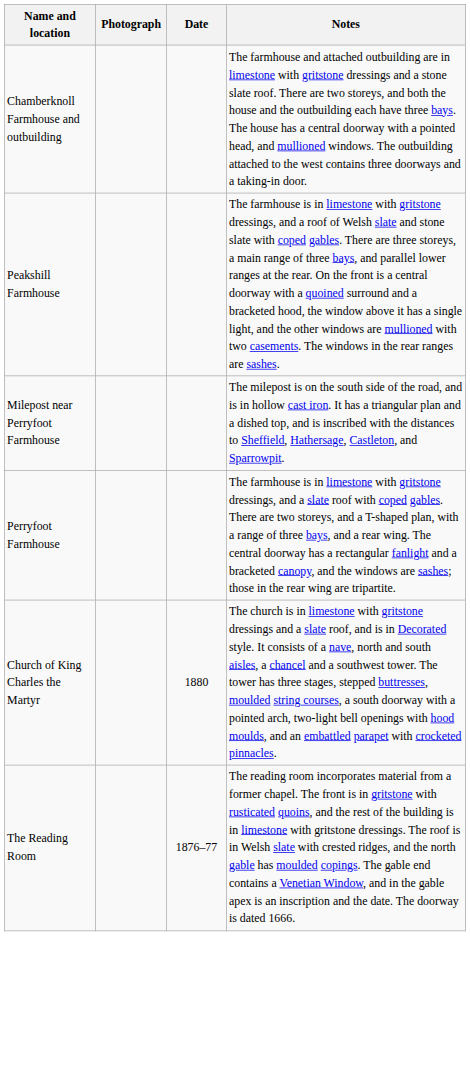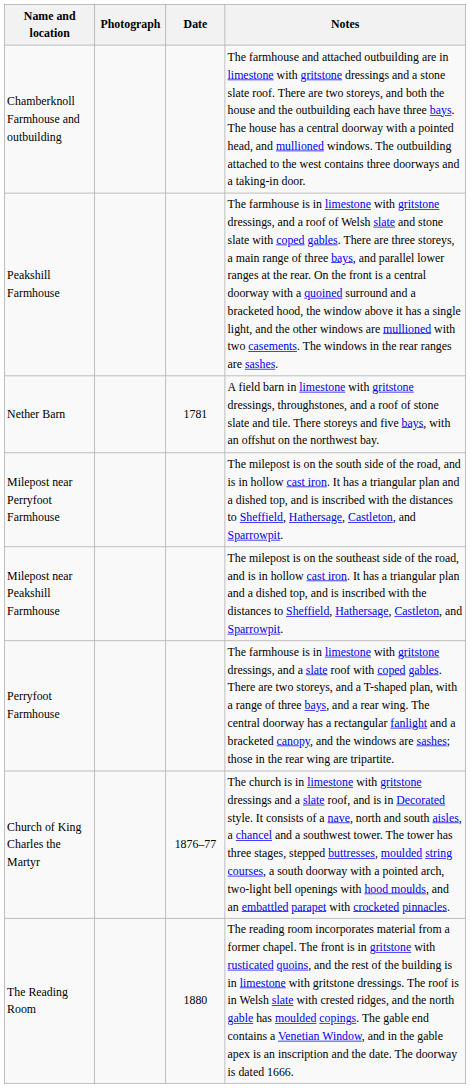 <table class="wikitable sortable plainrowheaders" style="width:100%;border:0px;text-align:left;line-height:150%;">
 <tr>
 <th scope="col"  style="width:150px">Name and location</th>
 <th scope="col"  style="width:100px" class="unsortable">Photograph</th>
 <th scope="col"  style="width:120px">Date</th>
 <th scope="col"  style="width:650px" class="unsortable">Notes</th>
 </tr>
 <tr>
 <td>Chamberknoll Farmhouse and outbuilding<br><small></small></td>
 <td></td>
 <td align="center"></td>
 <td>The farmhouse and attached outbuilding are in <a href='#'>limestone</a> with <a href='#'>gritstone</a> dressings and a stone slate roof.  There are two storeys, and both the house and the outbuilding each have three <a href='#'>bays</a>.  The house has a central doorway with a pointed head, and <a href='#'>mullioned</a> windows. The outbuilding attached to the west contains three doorways and a taking-in door.</td>
 </tr>
 <tr>
 <td>Peakshill Farmhouse<br><small></small></td>
 <td></td>
 <td align="center"></td>
 <td>The farmhouse is in <a href='#'>limestone</a> with <a href='#'>gritstone</a> dressings, and a roof of Welsh <a href='#'>slate</a> and stone slate with <a href='#'>coped</a> <a href='#'>gables</a>.  There are three storeys, a main range of three <a href='#'>bays</a>, and parallel lower ranges at the rear.  On the front is a central doorway with a <a href='#'>quoined</a> surround and a bracketed hood, the window above it has a single light, and the other windows are <a href='#'>mullioned</a> with two <a href='#'>casements</a>.  The windows in the rear ranges are <a href='#'>sashes</a>.</td>
 </tr>
 <tr>
+<td>Nether Barn<br><small></small></td>
+<td></td>
+<td align="center">1781</td>
+<td>A field barn in <a href='#'>limestone</a> with <a href='#'>gritstone</a> dressings, throughstones, and a roof of stone slate and tile.  There storeys and five <a href='#'>bays</a>, with an offshut on the northwest bay.</td>
+</tr>
+<tr>
 <td>Milepost near Perryfoot Farmhouse<br><small></small></td>
 <td></td>
 <td align="center"></td>
 <td>The milepost is on the south side of the road, and is in hollow <a href='#'>cast iron</a>.  It has a triangular plan and a dished top, and is inscribed with the distances to <a href='#'>Sheffield</a>, <a href='#'>Hathersage</a>, <a href='#'>Castleton</a>, and <a href='#'>Sparrowpit</a>.</td>
+</tr>
+<tr>
+<td>Milepost near Peakshill Farmhouse<br><small></small></td>
+<td></td>
+<td align="center"></td>
+<td>The milepost is on the southeast side of the road, and is in hollow <a href='#'>cast iron</a>.  It has a triangular plan and a dished top, and is inscribed with the distances to <a href='#'>Sheffield</a>, <a href='#'>Hathersage</a>, <a href='#'>Castleton</a>, and <a href='#'>Sparrowpit</a>.</td>
 </tr>
 <tr>
 <td>Perryfoot Farmhouse<br><small></small></td>
 <td></td>
 <td align="center"></td>
 <td>The farmhouse is in <a href='#'>limestone</a> with <a href='#'>gritstone</a> dressings, and a <a href='#'>slate</a> roof with <a href='#'>coped</a> <a href='#'>gables</a>.  There are two storeys, and a T-shaped plan, with a range of three <a href='#'>bays</a>, and a rear wing.  The central doorway has a rectangular <a href='#'>fanlight</a> and a bracketed <a href='#'>canopy</a>, and the windows are <a href='#'>sashes</a>; those in the rear wing are tripartite.</td>
 </tr>
 <tr>
 <td>Church of King Charles the Martyr<br><small></small></td>
 <td></td>
-<td align="center">1880</td>
+<td align="center">1876–77</td>
 <td>The church is in <a href='#'>limestone</a> with <a href='#'>gritstone</a> dressings and a <a href='#'>slate</a> roof, and is in <a href='#'>Decorated</a> style.  It consists of a <a href='#'>nave</a>, north and south <a href='#'>aisles</a>, a <a href='#'>chancel</a> and a southwest tower.  The tower has three stages, stepped <a href='#'>buttresses</a>, <a href='#'>moulded</a> <a href='#'>string courses</a>, a south doorway with a pointed arch, two-light bell openings with <a href='#'>hood moulds</a>, and an <a href='#'>embattled</a> <a href='#'>parapet</a> with <a href='#'>crocketed</a> <a href='#'>pinnacles</a>.</td>
 </tr>
 <tr>
 <td>The Reading Room<br><small></small></td>
 <td></td>
-<td align="center">1876–77</td>
+<td align="center">1880</td>
 <td>The reading room incorporates material from a former chapel.  The front is in <a href='#'>gritstone</a> with <a href='#'>rusticated</a> <a href='#'>quoins</a>, and the rest of the building is in <a href='#'>limestone</a> with gritstone dressings.  The roof is in Welsh <a href='#'>slate</a> with crested ridges, and the north <a href='#'>gable</a> has <a href='#'>moulded</a> <a href='#'>copings</a>.  The gable end contains a <a href='#'>Venetian Window</a>, and in the gable apex is an inscription and the date.  The doorway is dated 1666.</td>
 </tr>
 <tr>
 </tr>
 </table>
